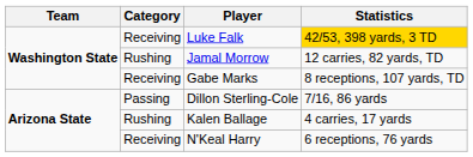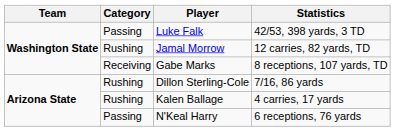 <table class="wikitable" style="float: right;">
 <tr>
 <th>Team</th>
 <th>Category</th>
 <th>Player</th>
 <th>Statistics</th>
 </tr>
 <tr>
 <td rowspan=3><strong>Washington State</strong></td>
-<td>Receiving</td>
+<td>Passing</td>
 <td><a href='#'>Luke Falk</a></td>
-<td style="background: gold;">42/53, 398 yards, 3 TD</td>
+<td>42/53, 398 yards, 3 TD</td>
 </tr>
 <tr>
 <td>Rushing</td>
 <td><a href='#'>Jamal Morrow</a></td>
 <td>12 carries, 82 yards, TD</td>
 </tr>
 <tr>
 <td>Receiving</td>
 <td>Gabe Marks</td>
 <td>8 receptions, 107 yards, TD</td>
 </tr>
 <tr>
 <td rowspan=3><strong>Arizona State</strong></td>
-<td>Passing</td>
+<td>Rushing</td>
 <td>Dillon Sterling-Cole</td>
 <td>7/16, 86 yards</td>
 </tr>
 <tr>
 <td>Rushing</td>
 <td>Kalen Ballage</td>
 <td>4 carries, 17 yards</td>
 </tr>
 <tr>
-<td>Receiving</td>
+<td>Passing</td>
 <td>N'Keal Harry</td>
 <td>6 receptions, 76 yards</td>
 </tr>
 </table>
